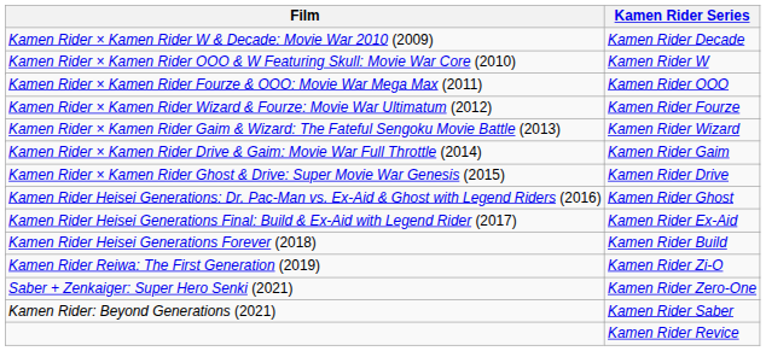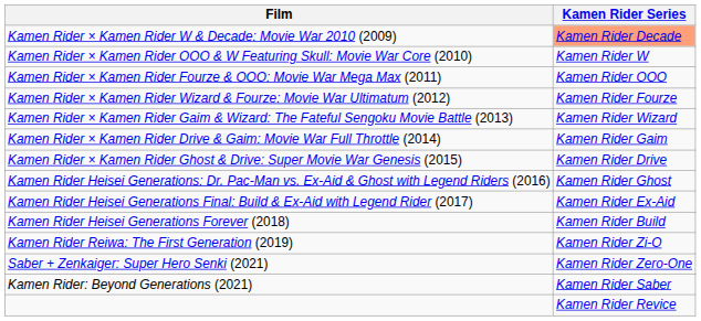 <table class="wikitable">
 <tr>
 <th>Film</th>
 <th><a href='#'>Kamen Rider Series</a></th>
 </tr>
 <tr>
 <td rowspan="2"><em><a href='#'>Kamen Rider × Kamen Rider W & Decade: Movie War 2010</a></em> (2009)</td>
-<td><em><a href='#'>Kamen Rider Decade</a></em></td>
+<td style="background: lightsalmon;"><em><a href='#'>Kamen Rider Decade</a></em></td>
 </tr>
 <tr>
 <td rowspan="2"><em><a href='#'>Kamen Rider W</a></em></td>
 </tr>
 <tr>
 <td rowspan="2"><em><a href='#'>Kamen Rider × Kamen Rider OOO & W Featuring Skull: Movie War Core</a></em> (2010)</td>
 </tr>
 <tr>
 <td rowspan="2"><em><a href='#'>Kamen Rider OOO</a></em></td>
 </tr>
 <tr>
 <td rowspan="2"><em><a href='#'>Kamen Rider × Kamen Rider Fourze & OOO: Movie War Mega Max</a></em> (2011)</td>
 </tr>
 <tr>
 <td rowspan="2"><em><a href='#'>Kamen Rider Fourze</a></em></td>
 </tr>
 <tr>
 <td rowspan="2"><em><a href='#'>Kamen Rider × Kamen Rider Wizard & Fourze: Movie War Ultimatum</a></em>  (2012)</td>
 </tr>
 <tr>
 <td rowspan="2"><em><a href='#'>Kamen Rider Wizard</a></em></td>
 </tr>
 <tr>
 <td rowspan="2"><em><a href='#'>Kamen Rider × Kamen Rider Gaim & Wizard: The Fateful Sengoku Movie Battle</a></em>  (2013)</td>
 </tr>
 <tr>
 <td rowspan="2"><em><a href='#'>Kamen Rider Gaim</a></em></td>
 </tr>
 <tr>
 <td rowspan="2"><em><a href='#'>Kamen Rider × Kamen Rider Drive & Gaim: Movie War Full Throttle</a></em>  (2014)</td>
 </tr>
 <tr>
 <td rowspan="2"><em><a href='#'>Kamen Rider Drive</a></em></td>
 </tr>
 <tr>
 <td rowspan="2"><em><a href='#'>Kamen Rider × Kamen Rider Ghost & Drive: Super Movie War Genesis</a></em>  (2015)</td>
 </tr>
 <tr>
 <td rowspan="2"><em><a href='#'>Kamen Rider Ghost</a></em></td>
 </tr>
 <tr>
 <td rowspan="2"><em><a href='#'>Kamen Rider Heisei Generations: Dr. Pac-Man vs. Ex-Aid & Ghost with Legend Riders</a></em>  (2016)</td>
 </tr>
 <tr>
 <td rowspan="2"><em><a href='#'>Kamen Rider Ex-Aid</a></em></td>
 </tr>
 <tr>
 <td rowspan="2"><em><a href='#'>Kamen Rider Heisei Generations Final: Build & Ex-Aid with Legend Rider</a></em>  (2017)</td>
 </tr>
 <tr>
 <td rowspan="2"><em><a href='#'>Kamen Rider Build</a></em></td>
 </tr>
 <tr>
 <td rowspan="2"><em><a href='#'>Kamen Rider Heisei Generations Forever</a></em> (2018)</td>
 </tr>
 <tr>
 <td rowspan="2"><em><a href='#'>Kamen Rider Zi-O</a></em></td>
 </tr>
 <tr>
 <td rowspan="2"><em><a href='#'>Kamen Rider Reiwa: The First Generation</a></em> (2019)</td>
 </tr>
 <tr>
 <td rowspan="2"><em><a href='#'>Kamen Rider Zero-One</a></em></td>
 </tr>
 <tr>
 <td rowspan="2"><em><a href='#'>Saber + Zenkaiger: Super Hero Senki</a></em> (2021)</td>
 </tr>
 <tr>
 <td rowspan="2"><em><a href='#'>Kamen Rider Saber</a></em></td>
 </tr>
 <tr>
 <td rowspan="2"><em>Kamen Rider: Beyond Generations</em> (2021)</td>
 </tr>
 <tr>
 <td rowspan="2"><em><a href='#'>Kamen Rider Revice</a></em></td>
 </tr>
 <tr>
 </tr>
 </table>
